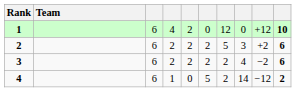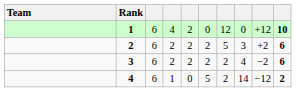 <table class="wikitable" style="text-align: center;">
 <tr>
+<th width=165 style="text-align:left;">Team</th>
 <th width=30>Rank</th>
-<th width=165 style="text-align:left;">Team</th>
 <th width=20></th>
 <th width=20></th>
 <th width=20></th>
 <th width=20></th>
 <th width=20></th>
 <th width=20></th>
 <th width=20></th>
 <th width=20></th>
 </tr>
 <tr style="background:#ccffcc;">
+<td style="text-align:left;"></td>
 <td><strong>1</strong></td>
-<td style="text-align:left;"></td>
 <td>6</td>
 <td>4</td>
 <td>2</td>
 <td>0</td>
 <td>12</td>
 <td>0</td>
 <td>+12</td>
 <td><strong>10</strong></td>
 </tr>
 <tr>
+<td style="text-align:left;"></td>
 <td><strong>2</strong></td>
-<td style="text-align:left;"></td>
 <td>6</td>
 <td>2</td>
 <td>2</td>
 <td>2</td>
 <td>5</td>
 <td>3</td>
 <td>+2</td>
 <td><strong>6</strong></td>
 </tr>
 <tr>
+<td style="text-align:left;"></td>
 <td><strong>3</strong></td>
-<td style="text-align:left;"></td>
 <td>6</td>
 <td>2</td>
 <td>2</td>
 <td>2</td>
 <td>2</td>
 <td>4</td>
 <td>−2</td>
 <td><strong>6</strong></td>
 </tr>
 <tr>
+<td style="text-align:left;"></td>
 <td><strong>4</strong></td>
-<td style="text-align:left;"></td>
 <td>6</td>
 <td>1</td>
 <td>0</td>
 <td>5</td>
 <td>2</td>
 <td>14</td>
 <td>−12</td>
 <td><strong>2</strong></td>
 </tr>
 </table>
